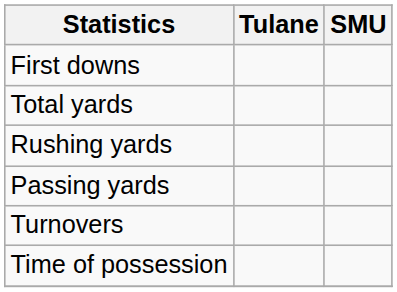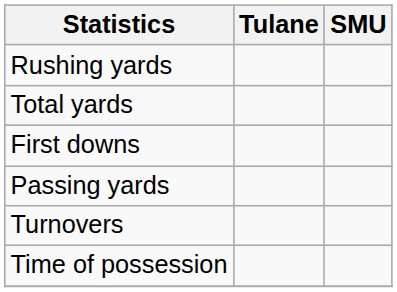 <table class="wikitable" style="float: left;">
 <tr>
 <th>Statistics</th>
 <th>Tulane</th>
 <th>SMU</th>
 </tr>
 <tr>
-<td>First downs</td>
+<td>Rushing yards</td>
 <td></td>
 <td></td>
 </tr>
 <tr>
 <td>Total yards</td>
 <td></td>
 <td></td>
 </tr>
 <tr>
-<td>Rushing yards</td>
+<td>First downs</td>
 <td></td>
 <td></td>
 </tr>
 <tr>
 <td>Passing yards</td>
 <td></td>
 <td></td>
 </tr>
 <tr>
 <td>Turnovers</td>
 <td></td>
 <td></td>
 </tr>
 <tr>
 <td>Time of possession</td>
 <td></td>
 <td></td>
 </tr>
 <tr>
 </tr>
 </table>
